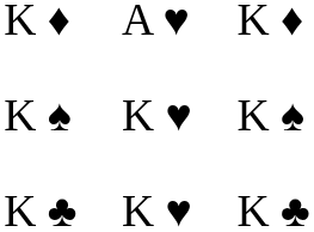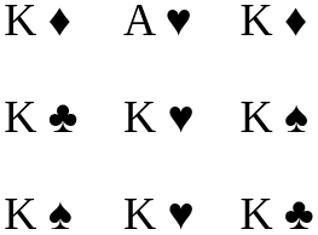 <table border="0" cellpadding="7">
 <tr>
 <td><span>K ♦</span></td>
 <td><span>A ♥</span></td>
 <td><span>K ♦</span></td>
 </tr>
 <tr>
-<td>K ♠</td>
+<td>K ♣</td>
 <td><span>K ♥</span></td>
 <td>K ♠</td>
 </tr>
 <tr>
-<td>K ♣</td>
+<td>K ♠</td>
 <td><span>K ♥</span></td>
 <td>K ♣</td>
 </tr>
 </table>
